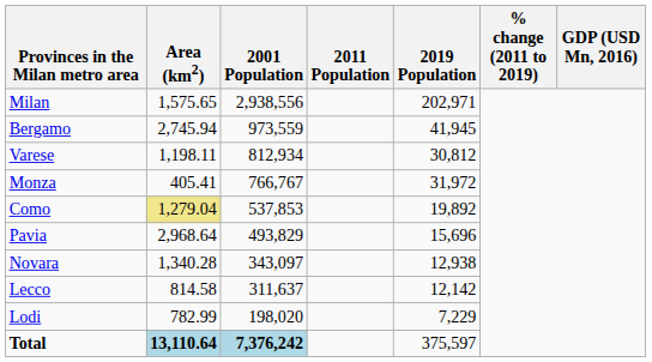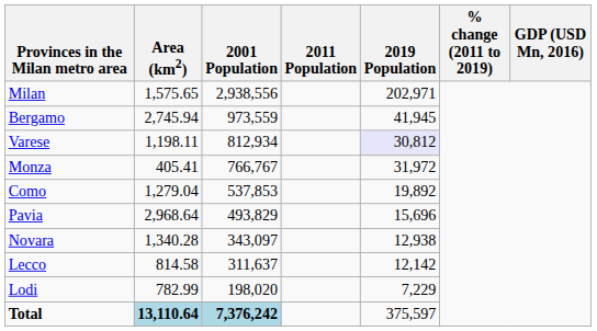 <table class="wikitable">
 <tr>
 <th valign=bottom>Provinces in the Milan metro area</th>
 <th valign=bottom>Area<br>(km<sup>2</sup>)</th>
 <th valign=bottom>2001<br>Population</th>
 <th valign=bottom>2011<br>Population</th>
 <th valign=bottom>2019<br>Population</th>
 <th valign=bottom>% change<br>(2011 to 2019)</th>
 <th>GDP (USD Mn, 2016)</th>
 </tr>
 <tr>
 <td><a href='#'>Milan</a></td>
 <td align="right">1,575.65</td>
 <td align="right">2,938,556</td>
 <td></td>
 <td align="right">202,971</td>
 </tr>
 <tr>
 <td><a href='#'>Bergamo</a></td>
 <td align="right">2,745.94</td>
 <td align="right">973,559</td>
 <td></td>
 <td align="right">41,945</td>
 </tr>
 <tr>
 <td><a href='#'>Varese</a></td>
 <td align="right">1,198.11</td>
 <td align="right">812,934</td>
 <td></td>
-<td align="right">30,812</td>
+<td align="right" style="background: lavender;">30,812</td>
 </tr>
 <tr>
 <td><a href='#'>Monza</a></td>
 <td align="right">405.41</td>
 <td align="right">766,767</td>
 <td></td>
 <td align="right">31,972</td>
 </tr>
 <tr>
 <td><a href='#'>Como</a></td>
-<td align="right" style="background: khaki;">1,279.04</td>
+<td align="right">1,279.04</td>
 <td align="right">537,853</td>
 <td></td>
 <td align="right">19,892</td>
 </tr>
 <tr>
 <td><a href='#'>Pavia</a></td>
 <td align="right">2,968.64</td>
 <td align="right">493,829</td>
 <td></td>
 <td align="right">15,696</td>
 </tr>
 <tr>
 <td><a href='#'>Novara</a></td>
 <td align="right">1,340.28</td>
 <td align="right">343,097</td>
 <td></td>
 <td align="right">12,938</td>
 </tr>
 <tr>
 <td><a href='#'>Lecco</a></td>
 <td align="right">814.58</td>
 <td align="right">311,637</td>
 <td></td>
 <td align="right">12,142</td>
 </tr>
 <tr>
 <td><a href='#'>Lodi</a></td>
 <td align="right">782.99</td>
 <td align="right">198,020</td>
 <td></td>
 <td align="right">7,229</td>
 </tr>
 <tr>
 <td><strong>Total</strong></td>
 <td style="background:lightblue; text-align:right;"><strong>13,110.64</strong></td>
 <td style="background:lightblue; text-align:right;"><strong>7,376,242</strong></td>
 <td></td>
 <td align="right">375,597</td>
 </tr>
 </table>
